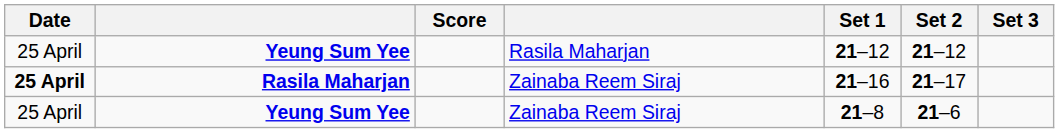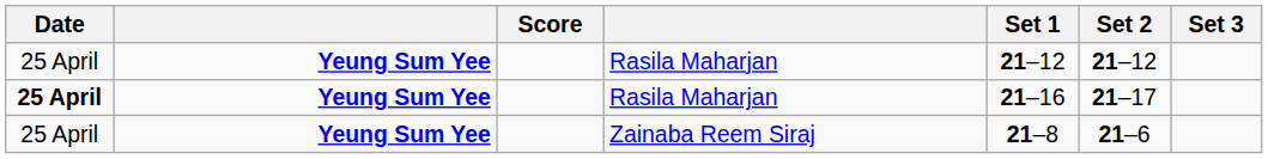 <table class="wikitable" style="text-align: center; font-size:90%">
 <tr>
 <th width="60">Date</th>
 <th align="right" width="230"></th>
 <th width="60">Score</th>
 <th align="left" width="230"></th>
 <th width="50">Set 1</th>
 <th width="50">Set 2</th>
 <th width="50">Set 3</th>
 </tr>
 <tr>
 <td>25 April<br></td>
 <td align="right"><strong><a href='#'>Yeung Sum Yee</a> </strong></td>
 <td align="center"></td>
 <td align="left"> <a href='#'>Rasila Maharjan</a></td>
 <td><strong>21</strong>–12</td>
 <td><strong>21</strong>–12</td>
 <td></td>
 </tr>
 <tr>
 <td><strong>25 April<br></strong></td>
-<td align="right"><strong><a href='#'>Rasila Maharjan</a> </strong></td>
+<td align="right"><strong><a href='#'>Yeung Sum Yee</a> </strong></td>
 <td align="center"></td>
-<td align="left"> <a href='#'>Zainaba Reem Siraj</a></td>
+<td align="left"> <a href='#'>Rasila Maharjan</a></td>
 <td><strong>21</strong>–16</td>
 <td><strong>21</strong>–17</td>
 <td></td>
 </tr>
 <tr>
 <td>25 April<br></td>
 <td align="right"><strong><a href='#'>Yeung Sum Yee</a> </strong></td>
 <td align="center"></td>
 <td align="left"> <a href='#'>Zainaba Reem Siraj</a></td>
 <td><strong>21</strong>–8</td>
 <td><strong>21</strong>–6</td>
 <td></td>
 </tr>
 </table>
